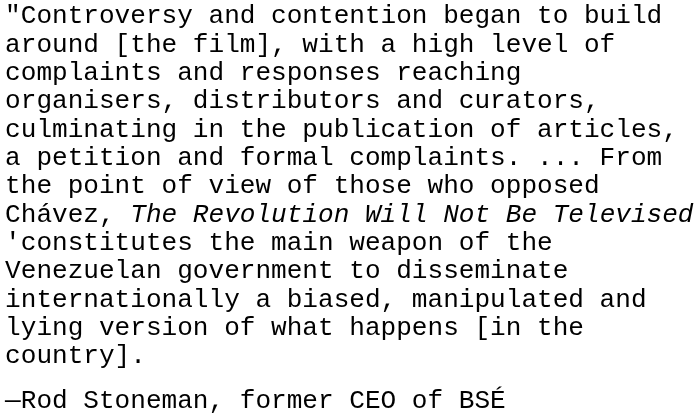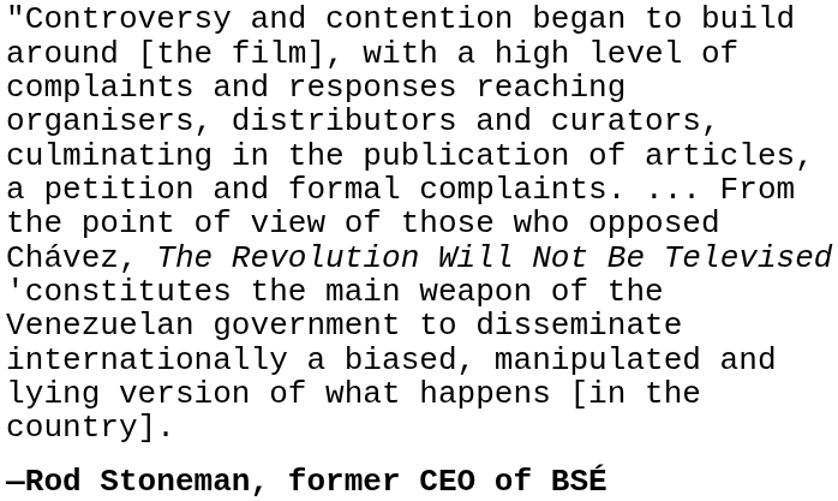 <table class="toccolours" style="float: right; margin-left: 1em; margin-right: 2em; font-size: 85%; color:black; width:40em; max-width: 35%;" cellspacing="5">
 <tr>
 <td style="text-align: left;">"Controversy and contention began to build around [the film], with a high level of complaints and responses reaching organisers, distributors and curators, culminating in the publication of articles, a petition and formal complaints. ... From the point of view of those who opposed Chávez, <em>The Revolution Will Not Be Televised</em> 'constitutes the main weapon of the Venezuelan government to disseminate internationally a biased, manipulated and lying version of what happens [in the country].</td>
 </tr>
 <tr>
-<td style="text-align: left;">—Rod Stoneman, former CEO of BSÉ</td>
+<td style="text-align: left;"><strong>—Rod Stoneman, former CEO of BSÉ</strong></td>
 </tr>
 </table>
